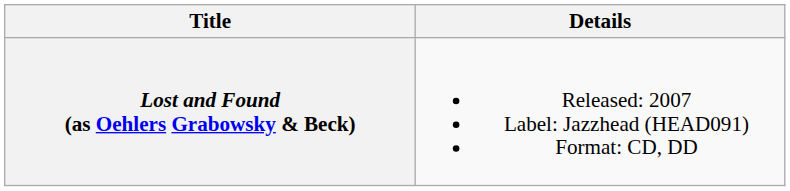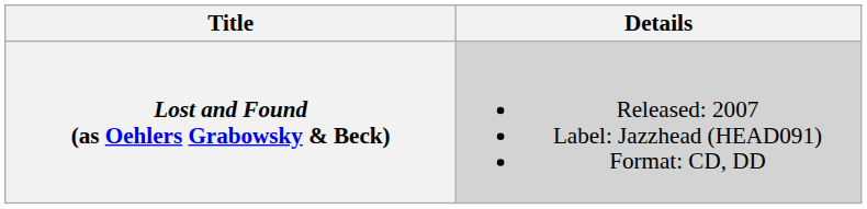 <table class="wikitable plainrowheaders" style="text-align:center;" border="1">
 <tr>
 <th scope="col" style="width:19em;">Title</th>
 <th scope="col" style="width:17em;">Details</th>
 </tr>
 <tr>
 <th scope="row"><em>Lost and Found</em> <br> (as <a href='#'>Oehlers</a> <a href='#'>Grabowsky</a> & Beck)</th>
-<td><br><ul><li>Released: 2007</li><li>Label: Jazzhead (HEAD091)</li><li>Format: CD, DD</li></ul></td>
+<td style="background: lightgrey;"><br><ul><li>Released: 2007</li><li>Label: Jazzhead (HEAD091)</li><li>Format: CD, DD</li></ul></td>
 </tr>
 </table>
